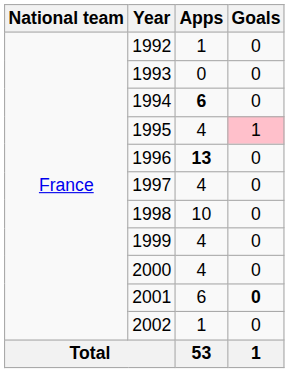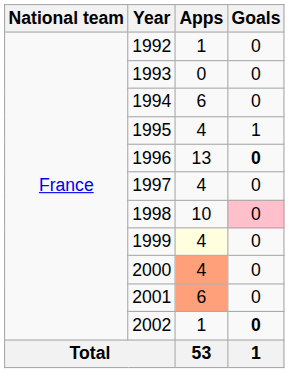 <table class="wikitable" style="text-align:center">
 <tr>
 <th>National team</th>
 <th>Year</th>
 <th>Apps</th>
 <th>Goals</th>
 </tr>
 <tr>
 <td rowspan="11"><a href='#'>France</a></td>
 <td>1992</td>
 <td>1</td>
 <td>0</td>
 </tr>
 <tr>
 <td>1993</td>
 <td>0</td>
 <td>0</td>
 </tr>
 <tr>
 <td>1994</td>
-<td><strong>6</strong></td>
+<td>6</td>
 <td>0</td>
 </tr>
 <tr>
 <td>1995</td>
 <td>4</td>
-<td style="background: pink;">1</td>
+<td>1</td>
 </tr>
 <tr>
 <td>1996</td>
-<td><strong>13</strong></td>
-<td>0</td>
+<td>13</td>
+<td><strong>0</strong></td>
 </tr>
 <tr>
 <td>1997</td>
 <td>4</td>
 <td>0</td>
 </tr>
 <tr>
 <td>1998</td>
 <td>10</td>
-<td>0</td>
+<td style="background: pink;">0</td>
 </tr>
 <tr>
 <td>1999</td>
-<td>4</td>
+<td style="background: lightyellow;">4</td>
 <td>0</td>
 </tr>
 <tr>
 <td>2000</td>
-<td>4</td>
+<td style="background: lightsalmon;">4</td>
 <td>0</td>
 </tr>
 <tr>
 <td>2001</td>
-<td>6</td>
-<td><strong>0</strong></td>
+<td style="background: lightsalmon;">6</td>
+<td>0</td>
 </tr>
 <tr>
 <td>2002</td>
 <td>1</td>
-<td>0</td>
+<td><strong>0</strong></td>
 </tr>
 <tr>
 <th colspan="2">Total</th>
 <th>53</th>
 <th>1</th>
 </tr>
 </table>
